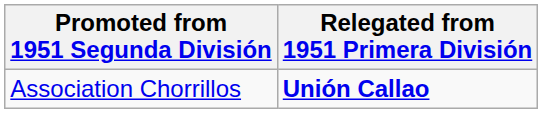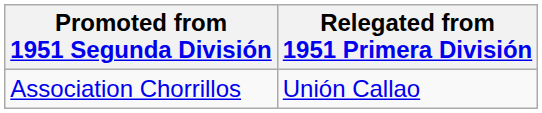 <table class="wikitable">
 <tr>
 <th>Promoted from<br><a href='#'>1951 Segunda División</a></th>
 <th>Relegated from<br><a href='#'>1951 Primera División</a></th>
 </tr>
 <tr>
 <td> <a href='#'>Association Chorrillos</a> </td>
-<td><strong> <a href='#'>Unión Callao</a> </strong></td>
+<td> <a href='#'>Unión Callao</a> </td>
 </tr>
 </table>
